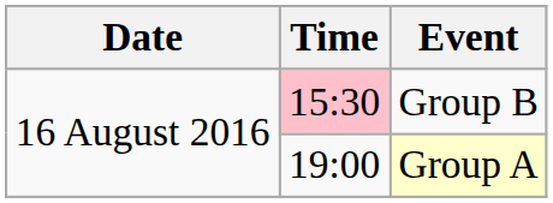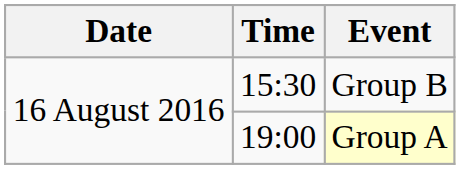 <table class = "wikitable" style="text-align:center;">
 <tr>
 <th>Date</th>
 <th>Time</th>
 <th>Event</th>
 </tr>
 <tr>
 <td rowspan=2>16 August 2016</td>
-<td style="background: pink;">15:30</td>
+<td>15:30</td>
 <td>Group B</td>
 </tr>
 <tr>
 <td>19:00</td>
 <td bgcolor=ffffcc>Group A</td>
 </tr>
 </table>
